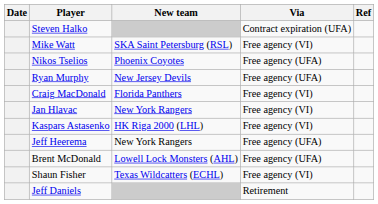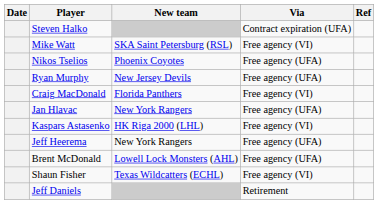 <table class="wikitable plainrowheaders">
 <tr style="background:#ddd; text-align:center;">
 <th>Date</th>
 <th>Player</th>
 <th>New team</th>
 <th>Via</th>
 <th>Ref</th>
 </tr>
 <tr>
 <th scope="row"></th>
 <td><a href='#'>Steven Halko</a></td>
 <td style="background:#ccc"></td>
 <td>Contract expiration (UFA)</td>
 <td></td>
 </tr>
 <tr>
 <th scope="row"></th>
 <td><a href='#'>Mike Watt</a></td>
 <td><a href='#'>SKA Saint Petersburg</a> (<a href='#'>RSL</a>)</td>
 <td>Free agency (VI)</td>
 <td></td>
 </tr>
 <tr>
 <th scope="row"></th>
 <td><a href='#'>Nikos Tselios</a></td>
 <td><a href='#'>Phoenix Coyotes</a></td>
 <td>Free agency (UFA)</td>
 <td></td>
 </tr>
 <tr>
 <th scope="row"></th>
 <td><a href='#'>Ryan Murphy</a></td>
 <td><a href='#'>New Jersey Devils</a></td>
 <td>Free agency (UFA)</td>
 <td></td>
 </tr>
 <tr>
 <th scope="row"></th>
 <td><a href='#'>Craig MacDonald</a></td>
 <td><a href='#'>Florida Panthers</a></td>
 <td>Free agency (VI)</td>
 <td></td>
 </tr>
 <tr>
 <th scope="row"></th>
 <td><a href='#'>Jan Hlavac</a></td>
 <td><a href='#'>New York Rangers</a></td>
-<td>Free agency (VI)</td>
+<td>Free agency (UFA)</td>
 <td></td>
 </tr>
 <tr>
 <th scope="row"></th>
 <td><a href='#'>Kaspars Astasenko</a></td>
 <td><a href='#'>HK Riga 2000</a> (<a href='#'>LHL</a>)</td>
 <td>Free agency (VI)</td>
 <td></td>
 </tr>
 <tr>
 <th scope="row"></th>
 <td><a href='#'>Jeff Heerema</a></td>
 <td>New York Rangers</td>
 <td>Free agency (UFA)</td>
 <td></td>
 </tr>
 <tr>
 <th scope="row"></th>
 <td>Brent McDonald</td>
 <td><a href='#'>Lowell Lock Monsters</a> (<a href='#'>AHL</a>)</td>
 <td>Free agency (UFA)</td>
 <td></td>
 </tr>
 <tr>
 <th scope="row"></th>
 <td>Shaun Fisher</td>
 <td><a href='#'>Texas Wildcatters</a> (<a href='#'>ECHL</a>)</td>
 <td>Free agency (VI)</td>
 <td></td>
 </tr>
 <tr>
 <th scope="row"></th>
 <td><a href='#'>Jeff Daniels</a></td>
 <td style="background:#ccc"></td>
 <td>Retirement</td>
 <td></td>
 </tr>
 </table>
